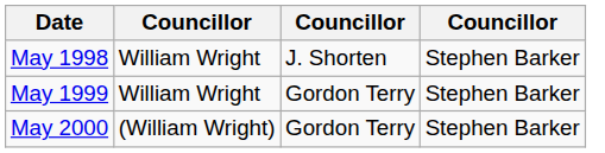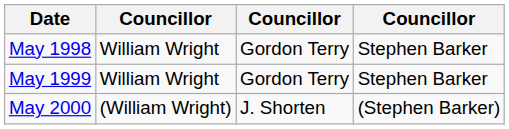 <table class="wikitable">
 <tr>
 <th>Date</th>
 <th>Councillor</th>
 <th>Councillor</th>
 <th>Councillor</th>
 </tr>
 <tr>
 <td><a href='#'>May 1998</a></td>
 <td ! style="background-color:">William Wright</td>
-<td ! style="background-color:">J. Shorten</td>
+<td ! style="background-color:">Gordon Terry</td>
 <td ! style="background-color:">Stephen Barker</td>
 </tr>
 <tr>
 <td><a href='#'>May 1999</a></td>
 <td ! style="background-color:">William Wright</td>
 <td ! style="background-color:">Gordon Terry</td>
 <td ! style="background-color:">Stephen Barker</td>
 </tr>
 <tr>
 <td><a href='#'>May 2000</a></td>
 <td ! style="background-color:">(William Wright)</td>
-<td ! style="background-color:">Gordon Terry</td>
-<td ! style="background-color:">Stephen Barker</td>
+<td ! style="background-color:">J. Shorten</td>
+<td ! style="background-color:">(Stephen Barker)</td>
 </tr>
 </table>
